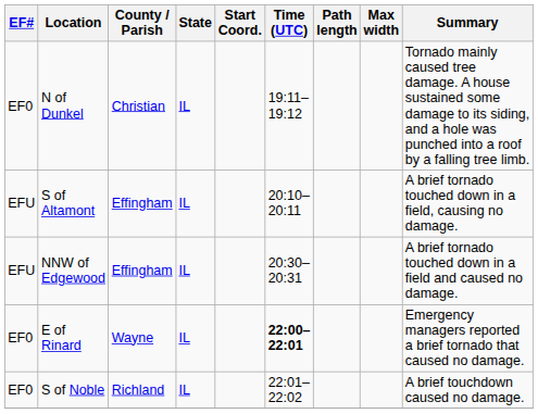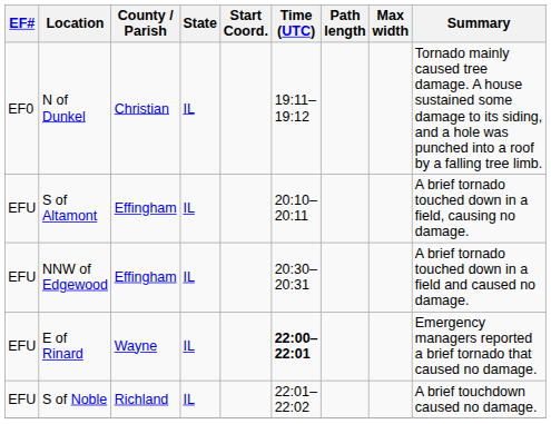 <table class="wikitable sortable" style="width:100%;">
 <tr>
 <th scope="col"  style="width:3%; text-align:center;"><a href='#'>EF#</a></th>
 <th scope="col"  style="width:7%; text-align:center;" class="unsortable">Location</th>
 <th scope="col"  style="width:6%; text-align:center;" class="unsortable">County / Parish</th>
 <th scope="col"  style="width:5%; text-align:center;">State</th>
 <th scope="col"  style="width:6%; text-align:center;">Start Coord.</th>
 <th scope="col"  style="width:6%; text-align:center;">Time (<a href='#'>UTC</a>)</th>
 <th scope="col"  style="width:6%; text-align:center;">Path length</th>
 <th scope="col"  style="width:6%; text-align:center;">Max width</th>
 <th scope="col" class="unsortable" style="width:48%; text-align:center;">Summary</th>
 </tr>
 <tr>
 <td>EF0</td>
 <td>N of <a href='#'>Dunkel</a></td>
 <td><a href='#'>Christian</a></td>
 <td><a href='#'>IL</a></td>
 <td></td>
 <td>19:11–19:12</td>
 <td></td>
 <td></td>
 <td>Tornado mainly caused tree damage. A house sustained some damage to its siding, and a hole was punched into a roof by a falling tree limb.</td>
 </tr>
 <tr>
 <td>EFU</td>
 <td>S of <a href='#'>Altamont</a></td>
 <td><a href='#'>Effingham</a></td>
 <td><a href='#'>IL</a></td>
 <td></td>
 <td>20:10–20:11</td>
 <td></td>
 <td></td>
 <td>A brief tornado touched down in a field, causing no damage.</td>
 </tr>
 <tr>
 <td>EFU</td>
 <td>NNW of <a href='#'>Edgewood</a></td>
 <td><a href='#'>Effingham</a></td>
 <td><a href='#'>IL</a></td>
 <td></td>
 <td>20:30–20:31</td>
 <td></td>
 <td></td>
 <td>A brief tornado touched down in a field and caused no damage.</td>
 </tr>
 <tr>
-<td>EF0</td>
+<td>EFU</td>
 <td>E of <a href='#'>Rinard</a></td>
 <td><a href='#'>Wayne</a></td>
 <td><a href='#'>IL</a></td>
 <td></td>
 <td><strong>22:00–22:01</strong></td>
 <td></td>
 <td></td>
 <td>Emergency managers reported a brief tornado that caused no damage.</td>
 </tr>
 <tr>
-<td>EF0</td>
+<td>EFU</td>
 <td>S of <a href='#'>Noble</a></td>
 <td><a href='#'>Richland</a></td>
 <td><a href='#'>IL</a></td>
 <td></td>
 <td>22:01–22:02</td>
 <td></td>
 <td></td>
 <td>A brief touchdown caused no damage.</td>
 </tr>
 <tr>
 </tr>
 </table>
